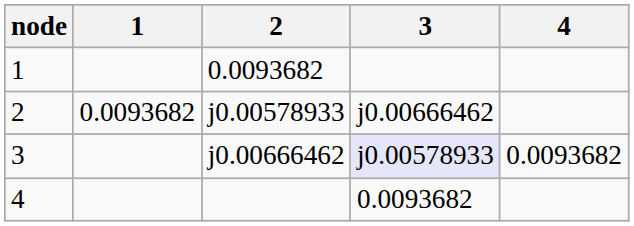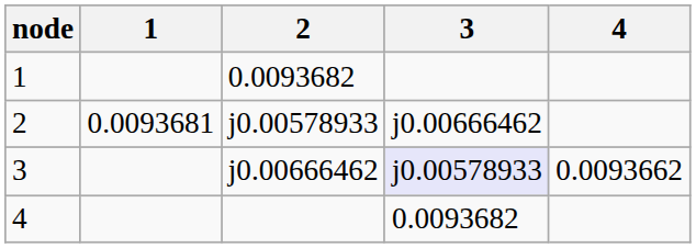 <table class="wikitable">
 <tr>
 <th>node</th>
 <th>1</th>
 <th>2</th>
 <th>3</th>
 <th>4</th>
 </tr>
 <tr>
 <td>1</td>
 <td></td>
 <td>0.0093682</td>
 <td></td>
 <td></td>
 </tr>
 <tr>
 <td>2</td>
-<td>0.0093682</td>
+<td>0.0093681</td>
 <td>j0.00578933</td>
 <td>j0.00666462</td>
 <td></td>
 </tr>
 <tr>
 <td>3</td>
 <td></td>
 <td>j0.00666462</td>
 <td style="background: lavender;">j0.00578933</td>
-<td>0.0093682</td>
+<td>0.0093662</td>
 </tr>
 <tr>
 <td>4</td>
 <td></td>
 <td></td>
 <td>0.0093682</td>
 <td></td>
 </tr>
 </table>
